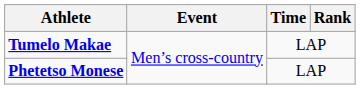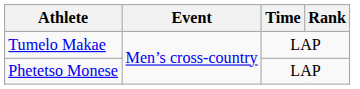 <table class=wikitable style="font-size:90%;">
 <tr>
 <th>Athlete</th>
 <th>Event</th>
 <th>Time</th>
 <th>Rank</th>
 </tr>
 <tr align=center>
-<td align=left><strong><a href='#'>Tumelo Makae</a></strong></td>
+<td align=left><a href='#'>Tumelo Makae</a></td>
 <td align=left rowspan=2><a href='#'>Men’s cross-country</a></td>
 <td colspan=2>LAP</td>
 </tr>
 <tr align=center>
-<td align=left><strong><a href='#'>Phetetso Monese</a></strong></td>
+<td align=left><a href='#'>Phetetso Monese</a></td>
 <td colspan=2>LAP</td>
 </tr>
 </table>
